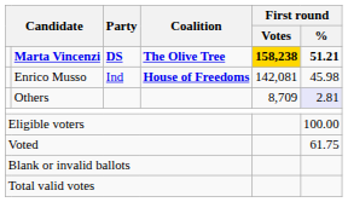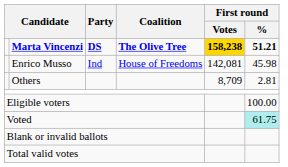 <table class="wikitable centre">
 <tr>
 <th scope="col" rowspan=2 colspan=2>Candidate</th>
 <th scope="col" rowspan=2 colspan=1>Party</th>
 <th scope="col" rowspan=2 colspan=1>Coalition</th>
 <th scope="col" colspan=2>First round</th>
 </tr>
 <tr>
 <th scope="col">Votes</th>
 <th scope="col">%</th>
 </tr>
 <tr>
 <td></td>
 <td><strong><a href='#'>Marta Vincenzi</a></strong></td>
 <td><strong><a href='#'>DS</a></strong></td>
 <td><strong><a href='#'>The Olive Tree</a></strong></td>
 <td style="background: gold; text-align: right"><strong>158,238</strong></td>
 <td style="text-align: right"><strong>51.21</strong></td>
 </tr>
 <tr>
 <td></td>
 <td>Enrico Musso</td>
 <td><a href='#'>Ind</a></td>
-<td><strong><a href='#'>House of Freedoms</a></strong></td>
+<td><a href='#'>House of Freedoms</a></td>
 <td style="text-align: right">142,081</td>
 <td style="text-align: right">45.98</td>
 </tr>
 <tr>
 <td bgcolor=""></td>
 <td>Others</td>
 <td></td>
 <td></td>
 <td style="text-align: right">8,709</td>
-<td style="background: lavender; text-align: right">2.81</td>
+<td style="text-align: right">2.81</td>
 </tr>
 <tr bgcolor=white>
 <td colspan=8></td>
 </tr>
 <tr>
 <td colspan=4>Eligible voters</td>
 <td style="text-align: right"></td>
 <td style="text-align: right">100.00</td>
 </tr>
 <tr>
 <td colspan=4>Voted</td>
 <td style="text-align: right"></td>
-<td style="text-align: right">61.75</td>
+<td style="background: paleturquoise; text-align: right">61.75</td>
 </tr>
 <tr>
 <td colspan=4>Blank or invalid ballots</td>
 <td style="text-align: right"></td>
 <td style="text-align: right"></td>
 </tr>
 <tr>
 <td colspan=4>Total valid votes</td>
 <td style="text-align: right"></td>
 <td style="text-align: right"></td>
 </tr>
 </table>
